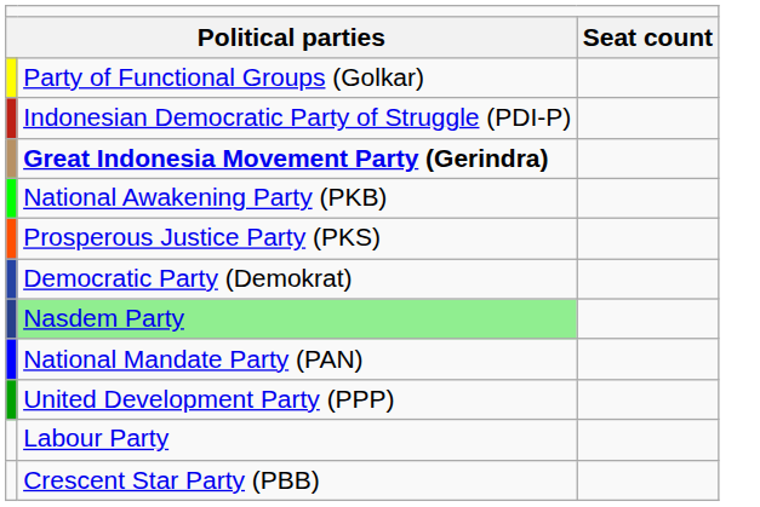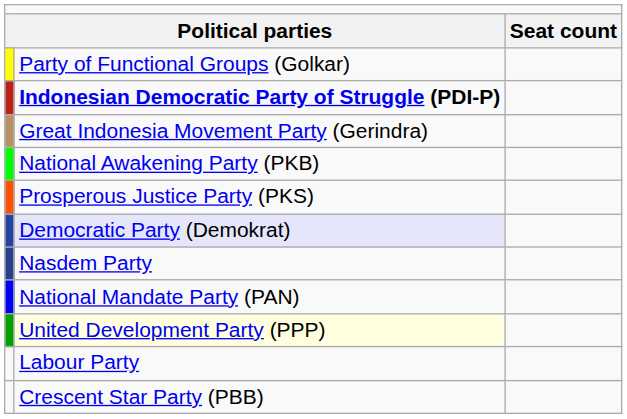 <table class="wikitable">
 <tr>
 <td colspan="4"></td>
 </tr>
 <tr>
 <th colspan="2">Political parties</th>
 <th>Seat count</th>
 </tr>
 <tr>
 <td bgcolor=#FFFF00></td>
 <td><a href='#'>Party of Functional Groups</a> (Golkar)</td>
 <td></td>
 </tr>
 <tr>
 <td bgcolor=#BD2016></td>
-<td><a href='#'>Indonesian Democratic Party of Struggle</a> (PDI-P)</td>
+<td><strong><a href='#'>Indonesian Democratic Party of Struggle</a> (PDI-P)</strong></td>
 <td></td>
 </tr>
 <tr>
 <td bgcolor=#B79164></td>
-<td><strong><a href='#'>Great Indonesia Movement Party</a> (Gerindra)</strong></td>
+<td><a href='#'>Great Indonesia Movement Party</a> (Gerindra)</td>
 <td></td>
 </tr>
 <tr>
 <td bgcolor=#00FF00></td>
 <td><a href='#'>National Awakening Party</a> (PKB)</td>
 <td></td>
 </tr>
 <tr>
 <td bgcolor=#FF4F00></td>
 <td><a href='#'>Prosperous Justice Party</a> (PKS)</td>
 <td></td>
 </tr>
 <tr>
 <td bgcolor=#2643A3></td>
-<td><a href='#'>Democratic Party</a> (Demokrat)</td>
+<td style="background: lavender;"><a href='#'>Democratic Party</a> (Demokrat)</td>
 <td></td>
 </tr>
 <tr>
 <td bgcolor=#27408B></td>
-<td style="background: lightgreen;"><a href='#'>Nasdem Party</a></td>
+<td><a href='#'>Nasdem Party</a></td>
 <td></td>
 </tr>
 <tr>
 <td bgcolor=#0000FF></td>
 <td><a href='#'>National Mandate Party</a> (PAN)</td>
 <td></td>
 </tr>
 <tr>
 <td bgcolor=#00A100></td>
-<td><a href='#'>United Development Party</a> (PPP)</td>
+<td style="background: lightyellow;"><a href='#'>United Development Party</a> (PPP)</td>
 <td></td>
 </tr>
 <tr>
 <td bgcolor=></td>
 <td><a href='#'>Labour Party</a></td>
 <td></td>
 </tr>
 <tr>
 <td bgcolor=></td>
 <td><a href='#'>Crescent Star Party</a> (PBB)</td>
 <td></td>
 </tr>
 </table>
